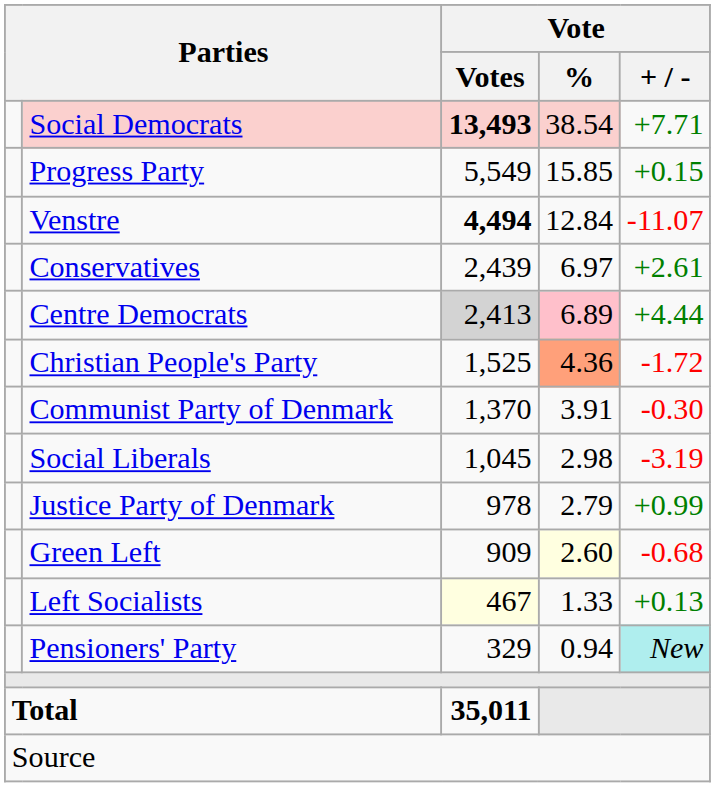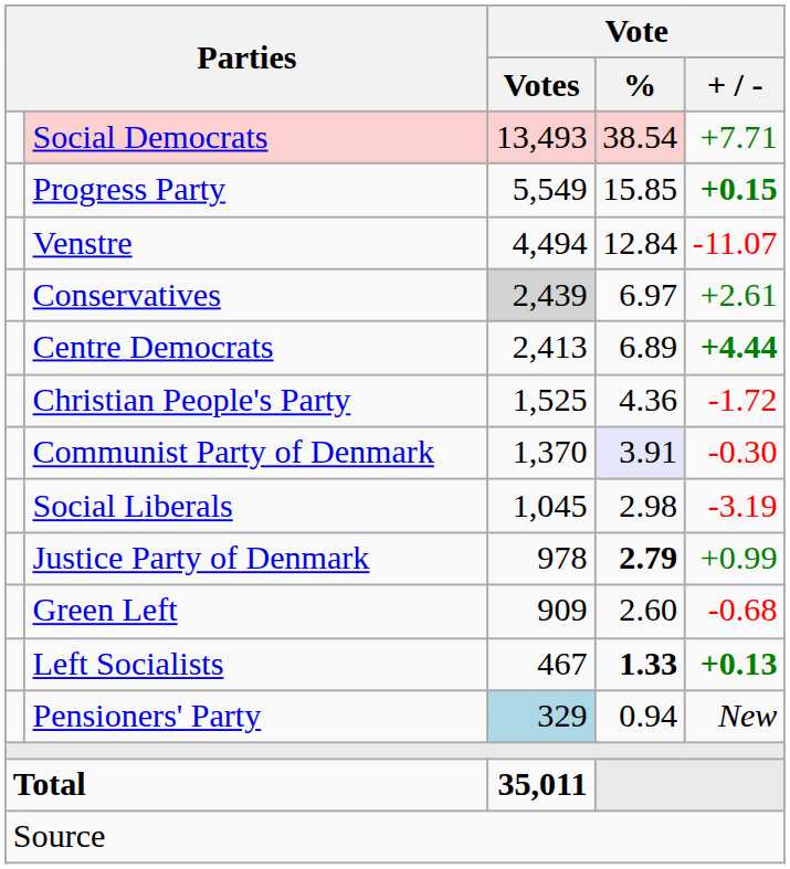 <table class="wikitable" style="text-align:right;">
 <tr>
 <th style="text-align:centre;" rowspan="2" colspan="2" width="225">Parties</th>
 <th colspan="3">Vote</th>
 </tr>
 <tr>
 <th width="15">Votes</th>
 <th width="15">%</th>
 <th width="15">+ / -</th>
 </tr>
 <tr>
 <td width="2" style="color:inherit;background:"></td>
 <td bgcolor=#fbd0ce  align="left"><a href='#'>Social Democrats</a></td>
-<td bgcolor=#fbd0ce><strong>13,493</strong></td>
+<td bgcolor=#fbd0ce>13,493</td>
 <td bgcolor=#fbd0ce>38.54</td>
 <td style=color:green;>+7.71</td>
 </tr>
 <tr>
 <td width="2" style="color:inherit;background:"></td>
 <td align="left"><a href='#'>Progress Party</a></td>
 <td>5,549</td>
 <td>15.85</td>
-<td style=color:green;>+0.15</td>
+<td style=color:green;><strong>+0.15</strong></td>
 </tr>
 <tr>
 <td width="2" style="color:inherit;background:"></td>
 <td align="left"><a href='#'>Venstre</a></td>
-<td><strong>4,494</strong></td>
+<td>4,494</td>
 <td>12.84</td>
 <td style=color:red;>-11.07</td>
 </tr>
 <tr>
 <td width="2" style="color:inherit;background:"></td>
 <td align="left"><a href='#'>Conservatives</a></td>
-<td>2,439</td>
+<td style="background: lightgrey;">2,439</td>
 <td>6.97</td>
 <td style=color:green;>+2.61</td>
 </tr>
 <tr>
 <td width="2" style="color:inherit;background:"></td>
 <td align="left"><a href='#'>Centre Democrats</a></td>
-<td style="background: lightgrey;">2,413</td>
-<td style="background: pink;">6.89</td>
-<td style=color:green;>+4.44</td>
+<td>2,413</td>
+<td>6.89</td>
+<td style=color:green;><strong>+4.44</strong></td>
 </tr>
 <tr>
 <td width="2" style="color:inherit;background:"></td>
 <td align="left"><a href='#'>Christian People's Party</a></td>
 <td>1,525</td>
-<td style="background: lightsalmon;">4.36</td>
+<td>4.36</td>
 <td style=color:red;>-1.72</td>
 </tr>
 <tr>
 <td width="2" style="color:inherit;background:"></td>
 <td align="left"><a href='#'>Communist Party of Denmark</a></td>
 <td>1,370</td>
-<td>3.91</td>
+<td style="background: lavender;">3.91</td>
 <td style=color:red;>-0.30</td>
 </tr>
 <tr>
 <td width="2" style="color:inherit;background:"></td>
 <td align="left"><a href='#'>Social Liberals</a></td>
 <td>1,045</td>
 <td>2.98</td>
 <td style=color:red;>-3.19</td>
 </tr>
 <tr>
 <td width="2" style="color:inherit;background:"></td>
 <td align="left"><a href='#'>Justice Party of Denmark</a></td>
 <td>978</td>
-<td>2.79</td>
+<td><strong>2.79</strong></td>
 <td style=color:green;>+0.99</td>
 </tr>
 <tr>
 <td width="2" style="color:inherit;background:"></td>
 <td align="left"><a href='#'>Green Left</a></td>
 <td>909</td>
-<td style="background: lightyellow;">2.60</td>
+<td>2.60</td>
 <td style=color:red;>-0.68</td>
 </tr>
 <tr>
 <td width="2" style="color:inherit;background:"></td>
 <td align="left"><a href='#'>Left Socialists</a></td>
-<td style="background: lightyellow;">467</td>
-<td>1.33</td>
-<td style=color:green;>+0.13</td>
+<td>467</td>
+<td><strong>1.33</strong></td>
+<td style=color:green;><strong>+0.13</strong></td>
 </tr>
 <tr>
 <td width="2" style="color:inherit;background:"></td>
 <td align="left"><a href='#'>Pensioners' Party</a></td>
-<td>329</td>
+<td style="background: lightblue;">329</td>
 <td>0.94</td>
-<td style="background: paleturquoise;"><em>New</em></td>
+<td><em>New</em></td>
 </tr>
 <tr>
 <td colspan="7" bgcolor="#E9E9E9"></td>
 </tr>
 <tr>
 <td align="left" colspan="2"><strong>Total</strong></td>
 <td><strong>35,011</strong></td>
 <td bgcolor="#E9E9E9" colspan="2"></td>
 </tr>
 <tr>
 <td align="left" colspan="6">Source</td>
 </tr>
 </table>
